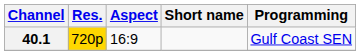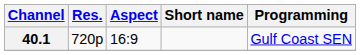 <table class="wikitable">
 <tr>
 <th><a href='#'>Channel</a></th>
 <th><a href='#'>Res.</a></th>
 <th><a href='#'>Aspect</a></th>
 <th>Short name</th>
 <th>Programming</th>
 </tr>
 <tr>
 <th scope = "row">40.1</th>
-<td style="background: gold;">720p</td>
+<td>720p</td>
 <td>16:9</td>
 <td></td>
 <td><a href='#'>Gulf Coast SEN</a></td>
 </tr>
 <tr>
 </tr>
 </table>
